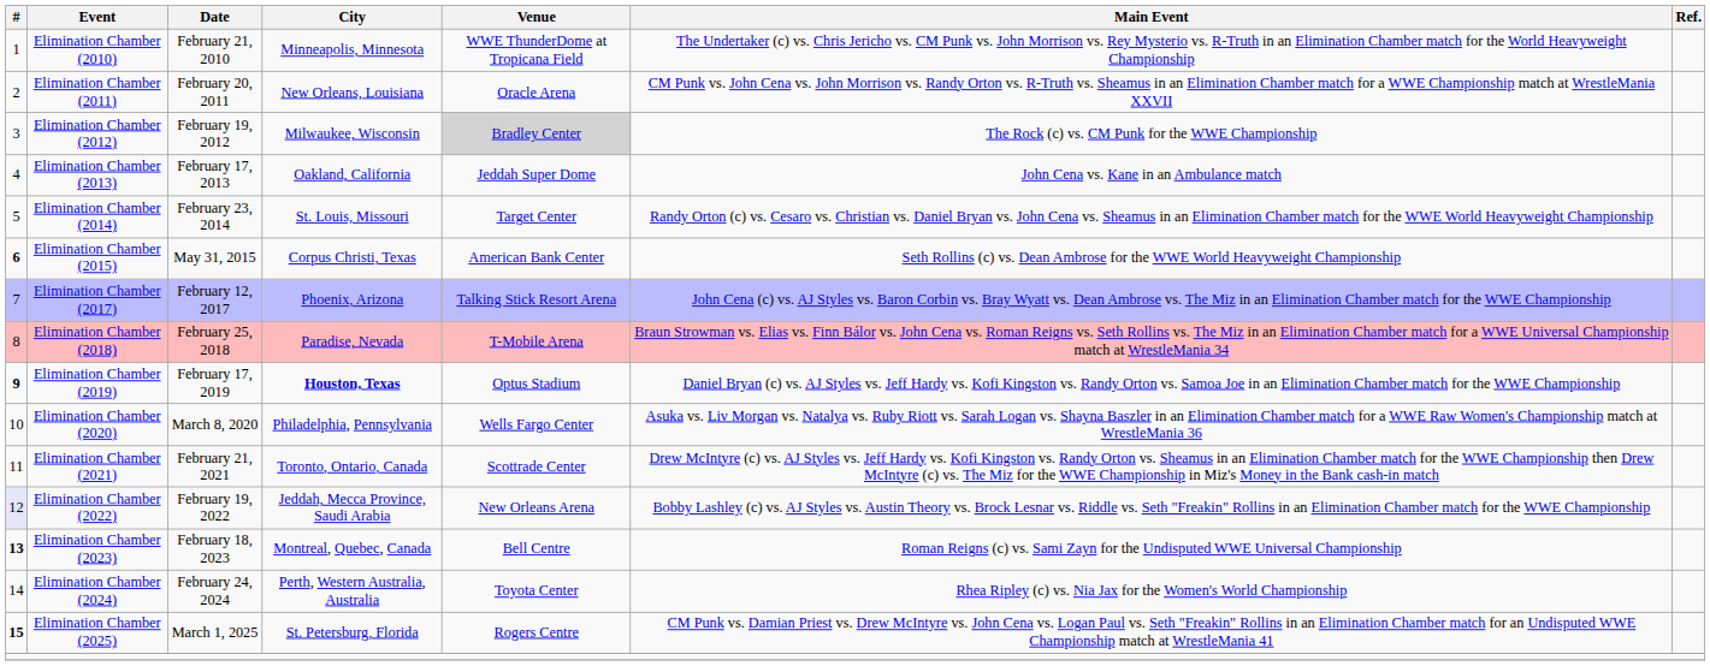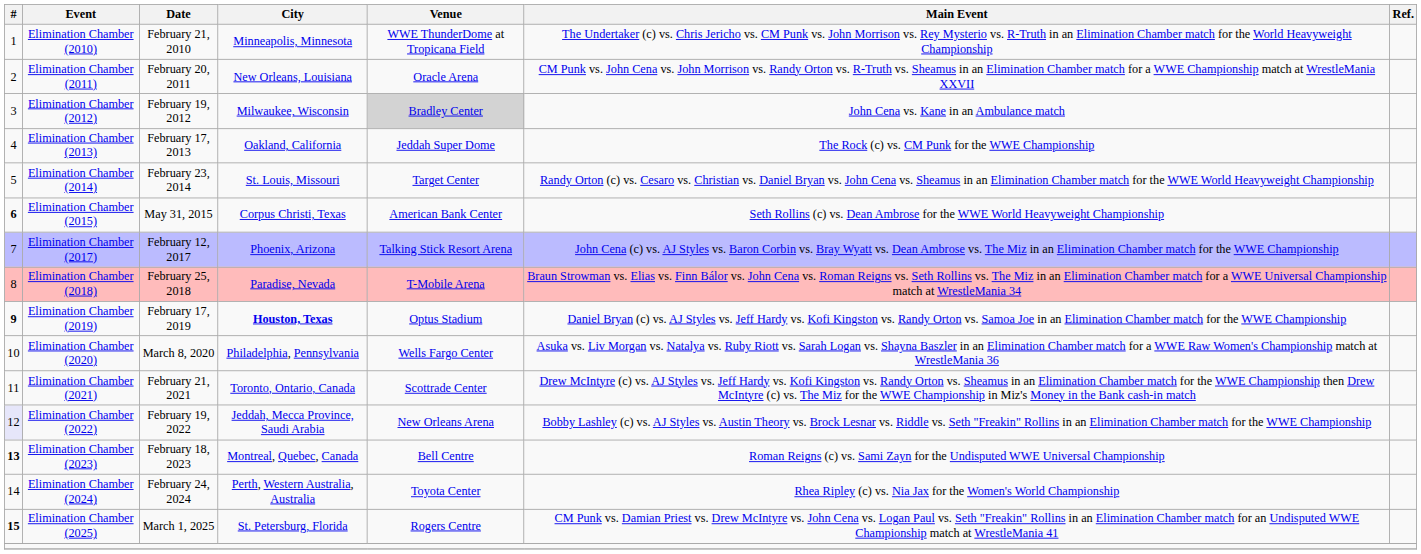 <table class="sortable wikitable succession-box" style="font-size:85%; text-align:center;">
 <tr>
 <th>#</th>
 <th>Event</th>
 <th>Date</th>
 <th>City</th>
 <th>Venue</th>
 <th>Main Event</th>
 <th>Ref.</th>
 </tr>
 <tr>
 <td>1</td>
 <td><a href='#'>Elimination Chamber (2010)</a></td>
 <td>February 21, 2010</td>
 <td><a href='#'>Minneapolis, Minnesota</a></td>
 <td><a href='#'>WWE ThunderDome</a> at <a href='#'>Tropicana Field</a></td>
 <td><a href='#'>The Undertaker</a> (c) vs. <a href='#'>Chris Jericho</a> vs. <a href='#'>CM Punk</a> vs. <a href='#'>John Morrison</a> vs. <a href='#'>Rey Mysterio</a> vs. <a href='#'>R-Truth</a> in an <a href='#'>Elimination Chamber match</a> for the <a href='#'>World Heavyweight Championship</a></td>
 <td></td>
 </tr>
 <tr>
 <td>2</td>
 <td><a href='#'>Elimination Chamber (2011)</a></td>
 <td>February 20, 2011</td>
 <td><a href='#'>New Orleans, Louisiana</a></td>
 <td><a href='#'>Oracle Arena</a></td>
 <td><a href='#'>CM Punk</a> vs. <a href='#'>John Cena</a> vs. <a href='#'>John Morrison</a> vs. <a href='#'>Randy Orton</a> vs. <a href='#'>R-Truth</a> vs. <a href='#'>Sheamus</a> in an <a href='#'>Elimination Chamber match</a> for a <a href='#'>WWE Championship</a> match at <a href='#'>WrestleMania XXVII</a></td>
 <td></td>
 </tr>
 <tr>
 <td>3</td>
 <td><a href='#'>Elimination Chamber (2012)</a></td>
 <td>February 19, 2012</td>
 <td><a href='#'>Milwaukee, Wisconsin</a></td>
 <td style="background: lightgrey;"><a href='#'>Bradley Center</a></td>
-<td><a href='#'>The Rock</a> (c) vs. <a href='#'>CM Punk</a> for the <a href='#'>WWE Championship</a></td>
+<td><a href='#'>John Cena</a> vs. <a href='#'>Kane</a> in an <a href='#'>Ambulance match</a></td>
 <td></td>
 </tr>
 <tr>
 <td>4</td>
 <td><a href='#'>Elimination Chamber (2013)</a></td>
 <td>February 17, 2013</td>
 <td><a href='#'>Oakland, California</a></td>
 <td><a href='#'>Jeddah Super Dome</a></td>
-<td><a href='#'>John Cena</a> vs. <a href='#'>Kane</a> in an <a href='#'>Ambulance match</a></td>
+<td><a href='#'>The Rock</a> (c) vs. <a href='#'>CM Punk</a> for the <a href='#'>WWE Championship</a></td>
 <td></td>
 </tr>
 <tr>
 <td>5</td>
 <td><a href='#'>Elimination Chamber (2014)</a></td>
 <td>February 23, 2014</td>
 <td><a href='#'>St. Louis, Missouri</a></td>
 <td><a href='#'>Target Center</a></td>
 <td><a href='#'>Randy Orton</a> (c) vs. <a href='#'>Cesaro</a> vs. <a href='#'>Christian</a> vs. <a href='#'>Daniel Bryan</a> vs. <a href='#'>John Cena</a> vs. <a href='#'>Sheamus</a> in an <a href='#'>Elimination Chamber match</a> for the <a href='#'>WWE World Heavyweight Championship</a></td>
 <td></td>
 </tr>
 <tr>
 <td><strong>6</strong></td>
 <td><a href='#'>Elimination Chamber (2015)</a></td>
 <td>May 31, 2015</td>
 <td><a href='#'>Corpus Christi, Texas</a></td>
 <td><a href='#'>American Bank Center</a></td>
 <td><a href='#'>Seth Rollins</a> (c) vs. <a href='#'>Dean Ambrose</a> for the <a href='#'>WWE World Heavyweight Championship</a></td>
 <td></td>
 </tr>
 <tr style="background:#BBF;">
 <td>7</td>
 <td><a href='#'>Elimination Chamber (2017)</a></td>
 <td>February 12, 2017</td>
 <td><a href='#'>Phoenix, Arizona</a></td>
 <td><a href='#'>Talking Stick Resort Arena</a></td>
 <td><a href='#'>John Cena</a> (c) vs. <a href='#'>AJ Styles</a> vs. <a href='#'>Baron Corbin</a> vs. <a href='#'>Bray Wyatt</a> vs. <a href='#'>Dean Ambrose</a> vs. <a href='#'>The Miz</a> in an <a href='#'>Elimination Chamber match</a> for the <a href='#'>WWE Championship</a></td>
 <td></td>
 </tr>
 <tr style="background:#FBB;">
 <td>8</td>
 <td><a href='#'>Elimination Chamber (2018)</a></td>
 <td>February 25, 2018</td>
 <td><a href='#'>Paradise, Nevada</a></td>
 <td><a href='#'>T-Mobile Arena</a></td>
 <td><a href='#'>Braun Strowman</a> vs. <a href='#'>Elias</a> vs. <a href='#'>Finn Bálor</a> vs. <a href='#'>John Cena</a> vs. <a href='#'>Roman Reigns</a> vs. <a href='#'>Seth Rollins</a> vs. <a href='#'>The Miz</a> in an <a href='#'>Elimination Chamber match</a> for a <a href='#'>WWE Universal Championship</a> match at <a href='#'>WrestleMania 34</a></td>
 <td></td>
 </tr>
 <tr>
 <td><strong>9</strong></td>
 <td><a href='#'>Elimination Chamber (2019)</a></td>
 <td>February 17, 2019</td>
 <td><strong><a href='#'>Houston, Texas</a></strong></td>
 <td><a href='#'>Optus Stadium</a></td>
 <td><a href='#'>Daniel Bryan</a> (c) vs. <a href='#'>AJ Styles</a> vs. <a href='#'>Jeff Hardy</a> vs. <a href='#'>Kofi Kingston</a> vs. <a href='#'>Randy Orton</a> vs. <a href='#'>Samoa Joe</a> in an <a href='#'>Elimination Chamber match</a> for the <a href='#'>WWE Championship</a></td>
 <td></td>
 </tr>
 <tr>
 <td>10</td>
 <td><a href='#'>Elimination Chamber (2020)</a></td>
 <td>March 8, 2020</td>
 <td><a href='#'>Philadelphia</a>, <a href='#'>Pennsylvania</a></td>
 <td><a href='#'>Wells Fargo Center</a></td>
 <td><a href='#'>Asuka</a> vs. <a href='#'>Liv Morgan</a> vs. <a href='#'>Natalya</a> vs. <a href='#'>Ruby Riott</a> vs. <a href='#'>Sarah Logan</a> vs. <a href='#'>Shayna Baszler</a> in an <a href='#'>Elimination Chamber match</a> for a <a href='#'>WWE Raw Women's Championship</a> match at <a href='#'>WrestleMania 36</a></td>
 <td></td>
 </tr>
 <tr>
 <td>11</td>
 <td><a href='#'>Elimination Chamber (2021)</a></td>
 <td>February 21, 2021</td>
 <td><a href='#'>Toronto, Ontario, Canada</a></td>
 <td><a href='#'>Scottrade Center</a></td>
 <td><a href='#'>Drew McIntyre</a> (c) vs. <a href='#'>AJ Styles</a> vs. <a href='#'>Jeff Hardy</a> vs. <a href='#'>Kofi Kingston</a> vs. <a href='#'>Randy Orton</a> vs. <a href='#'>Sheamus</a> in an <a href='#'>Elimination Chamber match</a> for the <a href='#'>WWE Championship</a> then <a href='#'>Drew McIntyre</a> (c) vs. <a href='#'>The Miz</a> for the <a href='#'>WWE Championship</a> in Miz's <a href='#'>Money in the Bank cash-in match</a></td>
 <td></td>
 </tr>
 <tr>
 <td style="background: lavender;">12</td>
 <td><a href='#'>Elimination Chamber (2022)</a></td>
 <td>February 19, 2022</td>
 <td><a href='#'>Jeddah, Mecca Province, Saudi Arabia</a></td>
 <td><a href='#'>New Orleans Arena</a></td>
 <td><a href='#'>Bobby Lashley</a> (c) vs. <a href='#'>AJ Styles</a> vs. <a href='#'>Austin Theory</a> vs. <a href='#'>Brock Lesnar</a> vs. <a href='#'>Riddle</a> vs. <a href='#'>Seth "Freakin" Rollins</a> in an <a href='#'>Elimination Chamber match</a> for the <a href='#'>WWE Championship</a></td>
 <td></td>
 </tr>
 <tr>
 <td><strong>13</strong></td>
 <td><a href='#'>Elimination Chamber (2023)</a></td>
 <td>February 18, 2023</td>
 <td><a href='#'>Montreal</a>, <a href='#'>Quebec</a>, <a href='#'>Canada</a></td>
 <td><a href='#'>Bell Centre</a></td>
 <td><a href='#'>Roman Reigns</a> (c) vs. <a href='#'>Sami Zayn</a> for the  <a href='#'>Undisputed WWE Universal Championship</a></td>
 <td></td>
 </tr>
 <tr>
 <td>14</td>
 <td><a href='#'>Elimination Chamber (2024)</a></td>
 <td>February 24, 2024</td>
 <td><a href='#'>Perth</a>, <a href='#'>Western Australia</a>, <a href='#'>Australia</a></td>
 <td><a href='#'>Toyota Center</a></td>
 <td><a href='#'>Rhea Ripley</a> (c) vs. <a href='#'>Nia Jax</a> for the <a href='#'>Women's World Championship</a></td>
 <td></td>
 </tr>
 <tr>
 <td><strong>15</strong></td>
 <td><a href='#'>Elimination Chamber (2025)</a></td>
 <td>March 1, 2025</td>
 <td><a href='#'>St. Petersburg, Florida</a></td>
 <td><a href='#'>Rogers Centre</a></td>
 <td><a href='#'>CM Punk</a> vs. <a href='#'>Damian Priest</a> vs. <a href='#'>Drew McIntyre</a> vs. <a href='#'>John Cena</a> vs. <a href='#'>Logan Paul</a> vs. <a href='#'>Seth "Freakin" Rollins</a> in an <a href='#'>Elimination Chamber match</a> for an <a href='#'>Undisputed WWE Championship</a> match at <a href='#'>WrestleMania 41</a></td>
 <td></td>
 </tr>
 <tr>
 </tr>
 <tr>
 <td colspan="10"></td>
 </tr>
 <tr>
 </tr>
 </table>
